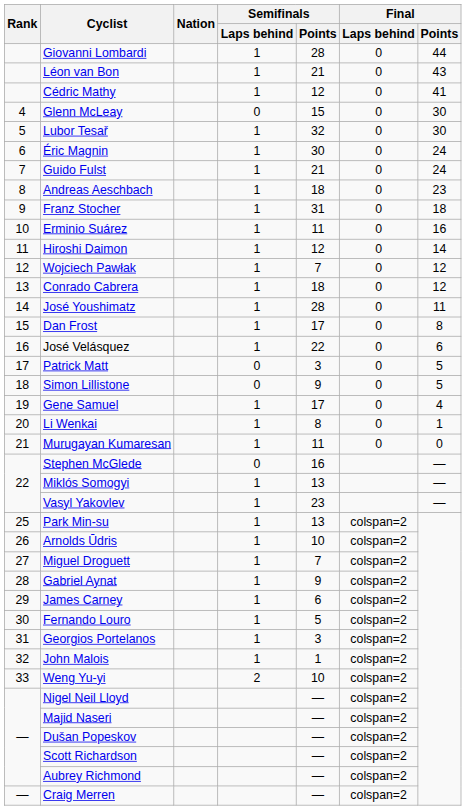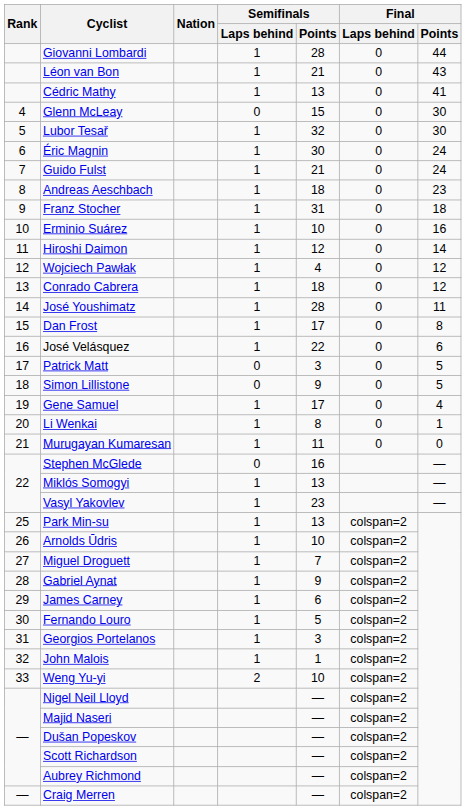 <table class="wikitable sortable" style="text-align:center">
 <tr>
 <th rowspan=2>Rank</th>
 <th rowspan=2>Cyclist</th>
 <th rowspan=2>Nation</th>
 <th colspan=2>Semifinals</th>
 <th colspan=2>Final</th>
 </tr>
 <tr>
 <th>Laps behind</th>
 <th>Points</th>
 <th>Laps behind</th>
 <th>Points</th>
 </tr>
 <tr>
 <td></td>
 <td align=left><a href='#'>Giovanni Lombardi</a></td>
 <td align=left></td>
 <td>1</td>
 <td>28</td>
 <td>0</td>
 <td>44</td>
 </tr>
 <tr>
 <td></td>
 <td align=left><a href='#'>Léon van Bon</a></td>
 <td align=left></td>
 <td>1</td>
 <td>21</td>
 <td>0</td>
 <td>43</td>
 </tr>
 <tr>
 <td></td>
 <td align=left><a href='#'>Cédric Mathy</a></td>
 <td align=left></td>
 <td>1</td>
-<td>12</td>
+<td>13</td>
 <td>0</td>
 <td>41</td>
 </tr>
 <tr>
 <td>4</td>
 <td align=left><a href='#'>Glenn McLeay</a></td>
 <td align=left></td>
 <td>0</td>
 <td>15</td>
 <td>0</td>
 <td>30</td>
 </tr>
 <tr>
 <td>5</td>
 <td align=left><a href='#'>Lubor Tesař</a></td>
 <td align=left></td>
 <td>1</td>
 <td>32</td>
 <td>0</td>
 <td>30</td>
 </tr>
 <tr>
 <td>6</td>
 <td align=left><a href='#'>Éric Magnin</a></td>
 <td align=left></td>
 <td>1</td>
 <td>30</td>
 <td>0</td>
 <td>24</td>
 </tr>
 <tr>
 <td>7</td>
 <td align=left><a href='#'>Guido Fulst</a></td>
 <td align=left></td>
 <td>1</td>
 <td>21</td>
 <td>0</td>
 <td>24</td>
 </tr>
 <tr>
 <td>8</td>
 <td align=left><a href='#'>Andreas Aeschbach</a></td>
 <td align=left></td>
 <td>1</td>
 <td>18</td>
 <td>0</td>
 <td>23</td>
 </tr>
 <tr>
 <td>9</td>
 <td align=left><a href='#'>Franz Stocher</a></td>
 <td align=left></td>
 <td>1</td>
 <td>31</td>
 <td>0</td>
 <td>18</td>
 </tr>
 <tr>
 <td>10</td>
 <td align=left><a href='#'>Erminio Suárez</a></td>
 <td align=left></td>
 <td>1</td>
-<td>11</td>
+<td>10</td>
 <td>0</td>
 <td>16</td>
 </tr>
 <tr>
 <td>11</td>
 <td align=left><a href='#'>Hiroshi Daimon</a></td>
 <td align=left></td>
 <td>1</td>
 <td>12</td>
 <td>0</td>
 <td>14</td>
 </tr>
 <tr>
 <td>12</td>
 <td align=left><a href='#'>Wojciech Pawłak</a></td>
 <td align=left></td>
 <td>1</td>
-<td>7</td>
+<td>4</td>
 <td>0</td>
 <td>12</td>
 </tr>
 <tr>
 <td>13</td>
 <td align=left><a href='#'>Conrado Cabrera</a></td>
 <td align=left></td>
 <td>1</td>
 <td>18</td>
 <td>0</td>
 <td>12</td>
 </tr>
 <tr>
 <td>14</td>
 <td align=left><a href='#'>José Youshimatz</a></td>
 <td align=left></td>
 <td>1</td>
 <td>28</td>
 <td>0</td>
 <td>11</td>
 </tr>
 <tr>
 <td>15</td>
 <td align=left><a href='#'>Dan Frost</a></td>
 <td align=left></td>
 <td>1</td>
 <td>17</td>
 <td>0</td>
 <td>8</td>
 </tr>
 <tr>
 <td>16</td>
 <td align=left>José Velásquez</td>
 <td align=left></td>
 <td>1</td>
 <td>22</td>
 <td>0</td>
 <td>6</td>
 </tr>
 <tr>
 <td>17</td>
 <td align=left><a href='#'>Patrick Matt</a></td>
 <td align=left></td>
 <td>0</td>
 <td>3</td>
 <td>0</td>
 <td>5</td>
 </tr>
 <tr>
 <td>18</td>
 <td align=left><a href='#'>Simon Lillistone</a></td>
 <td align=left></td>
 <td>0</td>
 <td>9</td>
 <td>0</td>
 <td>5</td>
 </tr>
 <tr>
 <td>19</td>
 <td align=left><a href='#'>Gene Samuel</a></td>
 <td align=left></td>
 <td>1</td>
 <td>17</td>
 <td>0</td>
 <td>4</td>
 </tr>
 <tr>
 <td>20</td>
 <td align=left><a href='#'>Li Wenkai</a></td>
 <td align=left></td>
 <td>1</td>
 <td>8</td>
 <td>0</td>
 <td>1</td>
 </tr>
 <tr>
 <td>21</td>
 <td align=left><a href='#'>Murugayan Kumaresan</a></td>
 <td align=left></td>
 <td>1</td>
 <td>11</td>
 <td>0</td>
 <td>0</td>
 </tr>
 <tr>
 <td rowspan=3>22</td>
 <td align=left><a href='#'>Stephen McGlede</a></td>
 <td align=left></td>
 <td>0</td>
 <td>16</td>
 <td data-sort-value=9></td>
 <td data-sort-value=0>—</td>
 </tr>
 <tr>
 <td align=left><a href='#'>Miklós Somogyi</a></td>
 <td align=left></td>
 <td>1</td>
 <td>13</td>
 <td data-sort-value=9></td>
 <td data-sort-value=0>—</td>
 </tr>
 <tr>
 <td align=left><a href='#'>Vasyl Yakovlev</a></td>
 <td align=left></td>
 <td>1</td>
 <td>23</td>
 <td data-sort-value=9></td>
 <td data-sort-value=0>—</td>
 </tr>
 <tr>
 <td>25</td>
 <td align=left><a href='#'>Park Min-su</a></td>
 <td align=left></td>
 <td>1</td>
 <td>13</td>
 <td>colspan=2 </td>
 </tr>
 <tr>
 <td>26</td>
 <td align=left><a href='#'>Arnolds Ūdris</a></td>
 <td align=left></td>
 <td>1</td>
 <td>10</td>
 <td>colspan=2 </td>
 </tr>
 <tr>
 <td>27</td>
 <td align=left><a href='#'>Miguel Droguett</a></td>
 <td align=left></td>
 <td>1</td>
 <td>7</td>
 <td>colspan=2 </td>
 </tr>
 <tr>
 <td>28</td>
 <td align=left><a href='#'>Gabriel Aynat</a></td>
 <td align=left></td>
 <td>1</td>
 <td>9</td>
 <td>colspan=2 </td>
 </tr>
 <tr>
 <td>29</td>
 <td align=left><a href='#'>James Carney</a></td>
 <td align=left></td>
 <td>1</td>
 <td>6</td>
 <td>colspan=2 </td>
 </tr>
 <tr>
 <td>30</td>
 <td align=left><a href='#'>Fernando Louro</a></td>
 <td align=left></td>
 <td>1</td>
 <td>5</td>
 <td>colspan=2 </td>
 </tr>
 <tr>
 <td>31</td>
 <td align=left><a href='#'>Georgios Portelanos</a></td>
 <td align=left></td>
 <td>1</td>
 <td>3</td>
 <td>colspan=2 </td>
 </tr>
 <tr>
 <td>32</td>
 <td align=left><a href='#'>John Malois</a></td>
 <td align=left></td>
 <td>1</td>
 <td>1</td>
 <td>colspan=2 </td>
 </tr>
 <tr>
 <td>33</td>
 <td align=left><a href='#'>Weng Yu-yi</a></td>
 <td align=left></td>
 <td>2</td>
 <td>10</td>
 <td>colspan=2 </td>
 </tr>
 <tr>
 <td rowspan=5 data-sort-value=34>—</td>
 <td align=left><a href='#'>Nigel Neil Lloyd</a></td>
 <td align=left></td>
 <td data-sort-value=9></td>
 <td data-sort-value=0>—</td>
 <td>colspan=2 </td>
 </tr>
 <tr>
 <td align=left><a href='#'>Majid Naseri</a></td>
 <td align=left></td>
 <td data-sort-value=9></td>
 <td data-sort-value=0>—</td>
 <td>colspan=2 </td>
 </tr>
 <tr>
 <td align=left><a href='#'>Dušan Popeskov</a></td>
 <td align=left></td>
 <td data-sort-value=9></td>
 <td data-sort-value=0>—</td>
 <td>colspan=2 </td>
 </tr>
 <tr>
 <td align=left><a href='#'>Scott Richardson</a></td>
 <td align=left></td>
 <td data-sort-value=9></td>
 <td data-sort-value=0>—</td>
 <td>colspan=2 </td>
 </tr>
 <tr>
 <td align=left><a href='#'>Aubrey Richmond</a></td>
 <td align=left></td>
 <td data-sort-value=9></td>
 <td data-sort-value=0>—</td>
 <td>colspan=2 </td>
 </tr>
 <tr>
 <td data-sort-value=39>—</td>
 <td align=left><a href='#'>Craig Merren</a></td>
 <td align=left></td>
 <td data-sort-value=99></td>
 <td data-sort-value=0>—</td>
 <td>colspan=2 </td>
 </tr>
 </table>
